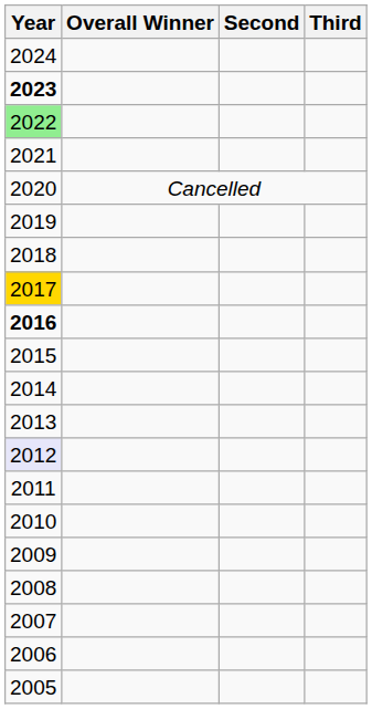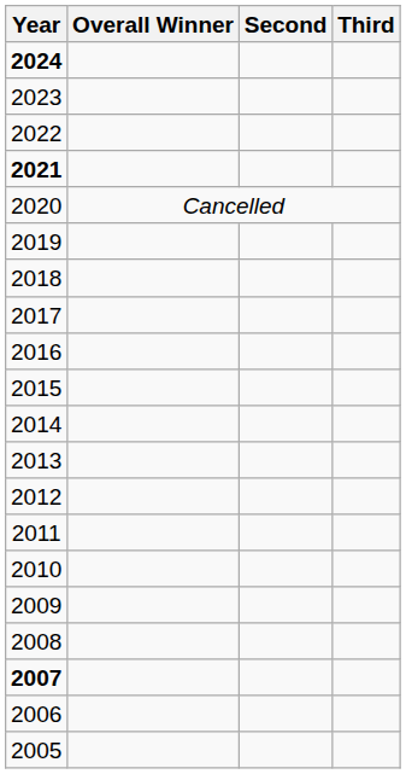 <table class="wikitable sortable" style="font-size:95%">
 <tr>
 <th scope=col>Year</th>
 <th scope=col> Overall Winner</th>
 <th scope=col>Second</th>
 <th scope=col>Third</th>
 </tr>
 <tr>
-<td align=center>2024</td>
+<td align=center><strong>2024</strong></td>
 <td></td>
 <td></td>
 <td></td>
 </tr>
 <tr>
-<td align=center><strong>2023</strong></td>
+<td align=center>2023</td>
 <td></td>
 <td></td>
 <td></td>
 </tr>
 <tr>
-<td align=center style="background: lightgreen;">2022</td>
+<td align=center>2022</td>
 <td></td>
 <td></td>
 <td></td>
 </tr>
 <tr>
-<td align=center>2021</td>
+<td align=center><strong>2021</strong></td>
 <td></td>
 <td></td>
 <td></td>
 </tr>
 <tr>
 <td align=center>2020</td>
 <td colspan=3; align=center><em>Cancelled</em></td>
 </tr>
 <tr>
 <td align=center>2019</td>
 <td></td>
 <td></td>
 <td></td>
 </tr>
 <tr>
 <td align=center>2018</td>
 <td></td>
 <td></td>
 <td></td>
 </tr>
 <tr>
-<td align=center style="background: gold;">2017</td>
+<td align=center>2017</td>
 <td></td>
 <td></td>
 <td></td>
 </tr>
 <tr>
-<td align=center><strong>2016</strong></td>
+<td align=center>2016</td>
 <td></td>
 <td></td>
 <td></td>
 </tr>
 <tr>
 <td align=center>2015</td>
 <td></td>
 <td></td>
 <td></td>
 </tr>
 <tr>
 <td align=center>2014</td>
 <td></td>
 <td></td>
 <td></td>
 </tr>
 <tr>
 <td align=center>2013</td>
 <td></td>
 <td></td>
 <td></td>
 </tr>
 <tr>
-<td align=center style="background: lavender;">2012</td>
+<td align=center>2012</td>
 <td></td>
 <td></td>
 <td></td>
 </tr>
 <tr>
 <td align=center>2011</td>
 <td></td>
 <td></td>
 <td></td>
 </tr>
 <tr>
 <td align=center>2010</td>
 <td></td>
 <td></td>
 <td></td>
 </tr>
 <tr>
 <td align=center>2009</td>
 <td></td>
 <td></td>
 <td></td>
 </tr>
 <tr>
 <td align=center>2008</td>
 <td></td>
 <td></td>
 <td></td>
 </tr>
 <tr>
-<td align=center>2007</td>
+<td align=center><strong>2007</strong></td>
 <td></td>
 <td></td>
 <td></td>
 </tr>
 <tr>
 <td align=center>2006</td>
 <td></td>
 <td></td>
 <td></td>
 </tr>
 <tr>
 <td align=center>2005</td>
 <td></td>
 <td></td>
 <td></td>
 </tr>
 </table>
